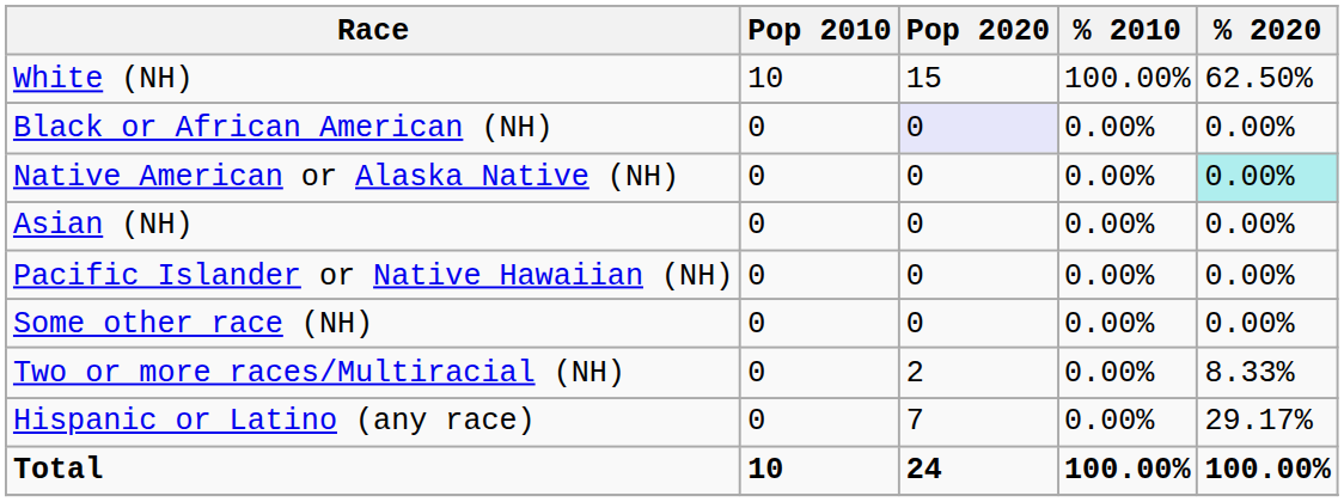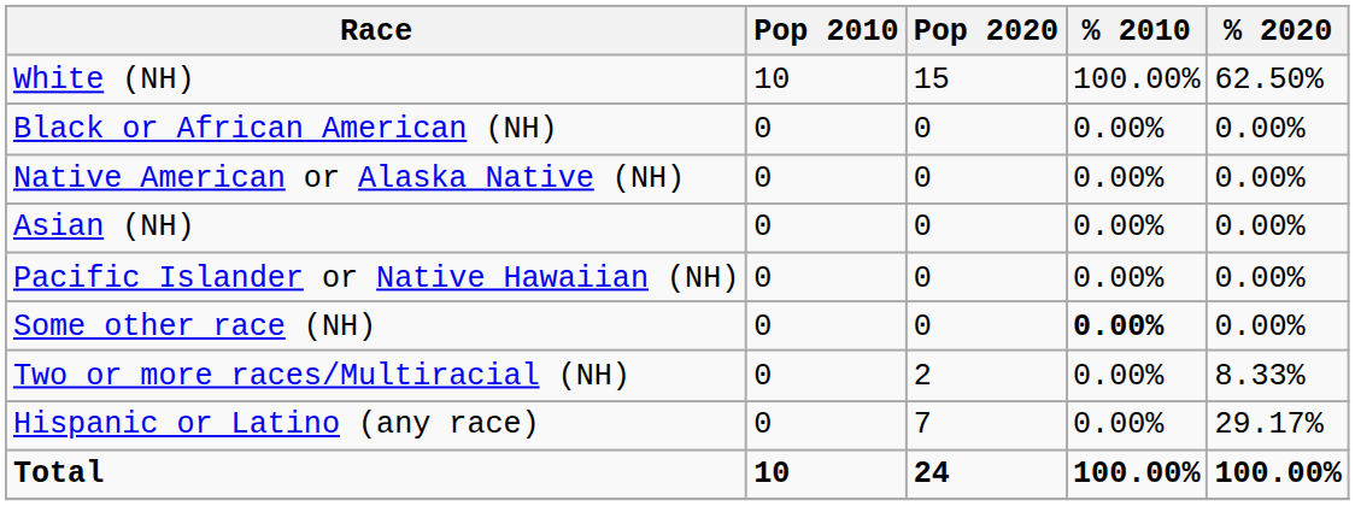 <table class="wikitable">
 <tr>
 <th>Race</th>
 <th>Pop 2010</th>
 <th>Pop 2020</th>
 <th>% 2010</th>
 <th>% 2020</th>
 </tr>
 <tr>
 <td><a href='#'>White</a> (NH)</td>
 <td>10</td>
 <td>15</td>
 <td>100.00%</td>
 <td>62.50%</td>
 </tr>
 <tr>
 <td><a href='#'>Black or African American</a> (NH)</td>
 <td>0</td>
-<td style="background: lavender;">0</td>
+<td>0</td>
 <td>0.00%</td>
 <td>0.00%</td>
 </tr>
 <tr>
 <td><a href='#'>Native American</a> or <a href='#'>Alaska Native</a> (NH)</td>
 <td>0</td>
 <td>0</td>
 <td>0.00%</td>
-<td style="background: paleturquoise;">0.00%</td>
+<td>0.00%</td>
 </tr>
 <tr>
 <td><a href='#'>Asian</a> (NH)</td>
 <td>0</td>
 <td>0</td>
 <td>0.00%</td>
 <td>0.00%</td>
 </tr>
 <tr>
 <td><a href='#'>Pacific Islander</a> or <a href='#'>Native Hawaiian</a> (NH)</td>
 <td>0</td>
 <td>0</td>
 <td>0.00%</td>
 <td>0.00%</td>
 </tr>
 <tr>
 <td><a href='#'>Some other race</a> (NH)</td>
 <td>0</td>
 <td>0</td>
-<td>0.00%</td>
+<td><strong>0.00%</strong></td>
 <td>0.00%</td>
 </tr>
 <tr>
 <td><a href='#'>Two or more races/Multiracial</a> (NH)</td>
 <td>0</td>
 <td>2</td>
 <td>0.00%</td>
 <td>8.33%</td>
 </tr>
 <tr>
 <td><a href='#'>Hispanic or Latino</a> (any race)</td>
 <td>0</td>
 <td>7</td>
 <td>0.00%</td>
 <td>29.17%</td>
 </tr>
 <tr>
 <td><strong>Total</strong></td>
 <td><strong>10</strong></td>
 <td><strong>24</strong></td>
 <td><strong>100.00%</strong></td>
 <td><strong>100.00%</strong></td>
 </tr>
 <tr>
 </tr>
 </table>
